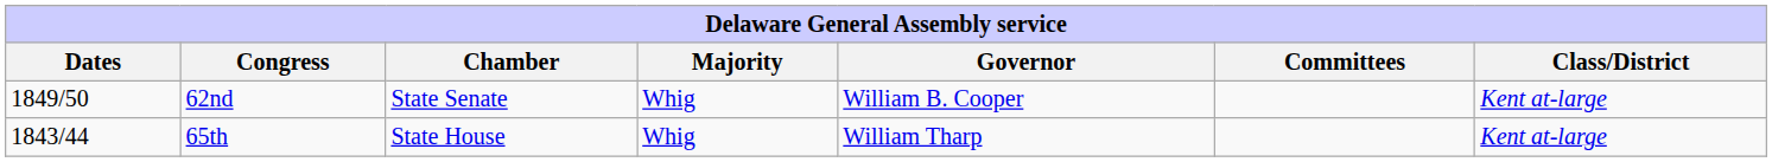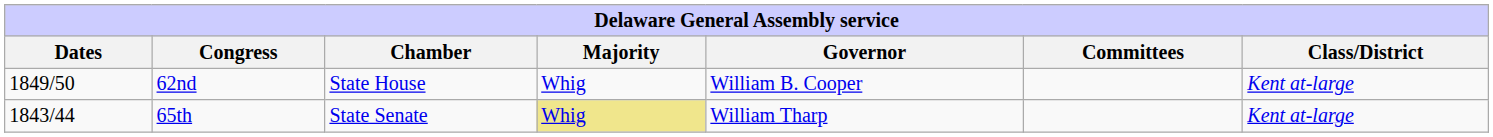 <table class=wikitable style="width: 94%" style="text-align: center;" align="center">
 <tr bgcolor=#cccccc>
 <th colspan=7 style="background: #ccccff;">Delaware General Assembly service</th>
 </tr>
 <tr>
 <th><strong>Dates</strong></th>
 <th><strong>Congress</strong></th>
 <th><strong>Chamber</strong></th>
 <th><strong>Majority</strong></th>
 <th><strong>Governor</strong></th>
 <th><strong>Committees</strong></th>
 <th><strong>Class/District</strong></th>
 </tr>
 <tr>
 <td>1849/50</td>
 <td><a href='#'>62nd</a></td>
-<td><a href='#'>State Senate</a></td>
+<td><a href='#'>State House</a></td>
 <td><a href='#'>Whig</a></td>
 <td><a href='#'>William B. Cooper</a></td>
 <td></td>
 <td><a href='#'><em>Kent at-large</em></a></td>
 </tr>
 <tr>
 <td>1843/44</td>
 <td><a href='#'>65th</a></td>
-<td><a href='#'>State House</a></td>
-<td><a href='#'>Whig</a></td>
+<td><a href='#'>State Senate</a></td>
+<td style="background: khaki;"><a href='#'>Whig</a></td>
 <td><a href='#'>William Tharp</a></td>
 <td></td>
 <td><a href='#'><em>Kent at-large</em></a></td>
 </tr>
 </table>
